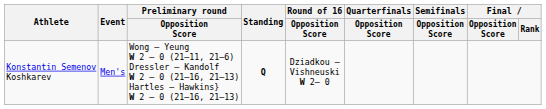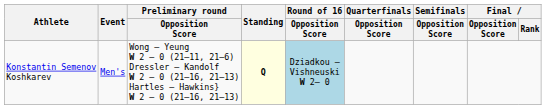 <table class=wikitable style="font-size:90%">
 <tr>
 <th rowspan=2>Athlete</th>
 <th rowspan=2>Event</th>
 <th>Preliminary round</th>
 <th rowspan=2>Standing</th>
 <th>Round of 16</th>
 <th>Quarterfinals</th>
 <th>Semifinals</th>
 <th colspan=2>Final / </th>
 </tr>
 <tr style="font-size:95%">
 <th>Opposition<br>Score</th>
 <th>Opposition<br>Score</th>
 <th>Opposition<br>Score</th>
 <th>Opposition<br>Score</th>
 <th>Opposition<br>Score</th>
 <th>Rank</th>
 </tr>
 <tr align=center>
 <td align=left><a href='#'>Konstantin Semenov</a><br>Koshkarev</td>
 <td align=left rowspan=2><a href='#'>Men's</a></td>
 <td align=left> Wong – Yeung<br><strong>W</strong> 2 – 0 (21–11, 21–6)<br> Dressler – Kandolf<br><strong>W</strong> 2 – 0 (21–16, 21–13)<br> Hartles – Hawkins}<br><strong>W</strong> 2 – 0 (21–16, 21–13)</td>
-<td><strong>Q</strong></td>
-<td>  Dziadkou – <br> Vishneuski<br><strong>W</strong> 2– 0</td>
+<td style="background: lightyellow;"><strong>Q</strong></td>
+<td style="background: lightblue;">  Dziadkou – <br> Vishneuski<br><strong>W</strong> 2– 0</td>
 <td></td>
 <td></td>
 </tr>
 </table>
